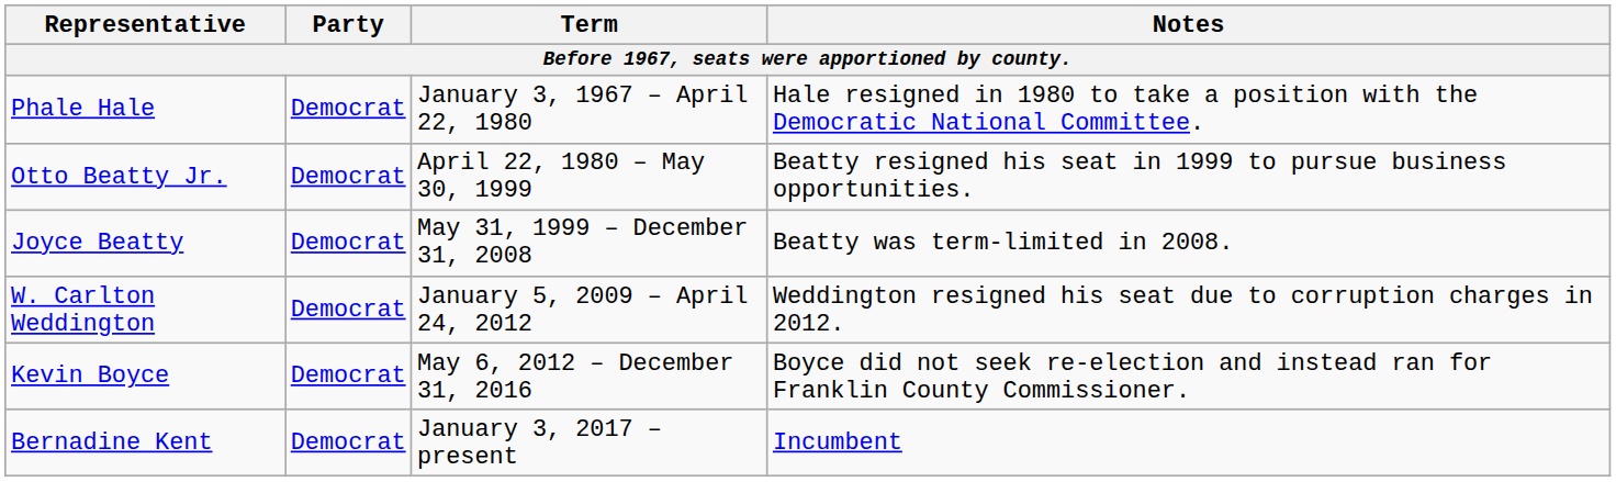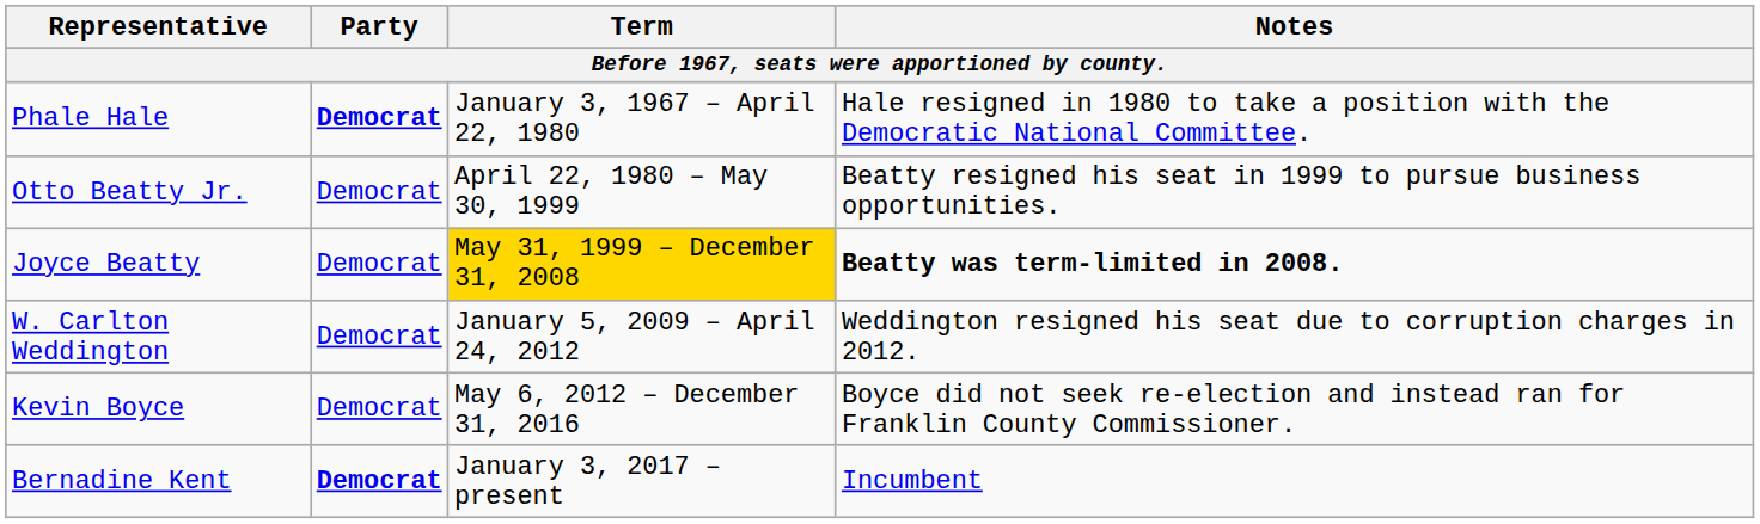 <table class=wikitable>
 <tr valign=bottom>
 <th>Representative</th>
 <th>Party</th>
 <th>Term</th>
 <th>Notes</th>
 </tr>
 <tr>
 <th colspan=5 style="font-size: 80%;"><em>Before 1967, seats were apportioned by county.</em></th>
 </tr>
 <tr>
 <td><a href='#'>Phale Hale</a></td>
-<td><a href='#'>Democrat</a></td>
+<td><strong><a href='#'>Democrat</a></strong></td>
 <td>January 3, 1967 – April 22, 1980</td>
 <td>Hale resigned in 1980 to take a position with the <a href='#'>Democratic National Committee</a>.</td>
 </tr>
 <tr>
 <td><a href='#'>Otto Beatty Jr.</a></td>
 <td><a href='#'>Democrat</a></td>
 <td>April 22, 1980 – May 30, 1999</td>
 <td>Beatty resigned his seat in 1999 to pursue business opportunities.</td>
 </tr>
 <tr>
 <td><a href='#'>Joyce Beatty</a></td>
 <td><a href='#'>Democrat</a></td>
-<td>May 31, 1999 – December 31, 2008</td>
-<td>Beatty was term-limited in 2008.</td>
+<td style="background: gold;">May 31, 1999 – December 31, 2008</td>
+<td><strong>Beatty was term-limited in 2008.</strong></td>
 </tr>
 <tr>
 <td><a href='#'>W. Carlton Weddington</a></td>
 <td><a href='#'>Democrat</a></td>
 <td>January 5, 2009 – April 24, 2012</td>
 <td>Weddington resigned his seat due to corruption charges in 2012.</td>
 </tr>
 <tr>
 <td><a href='#'>Kevin Boyce</a></td>
 <td><a href='#'>Democrat</a></td>
 <td>May 6, 2012 – December 31, 2016</td>
 <td>Boyce did not seek re-election and instead ran for Franklin County Commissioner.</td>
 </tr>
 <tr>
 <td><a href='#'>Bernadine Kent</a></td>
-<td><a href='#'>Democrat</a></td>
+<td><strong><a href='#'>Democrat</a></strong></td>
 <td>January 3, 2017 – present</td>
 <td><a href='#'>Incumbent</a></td>
 </tr>
 </table>
